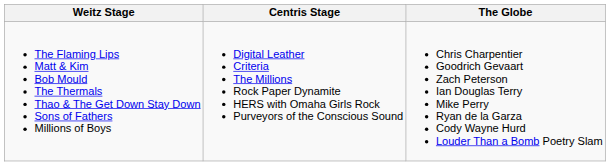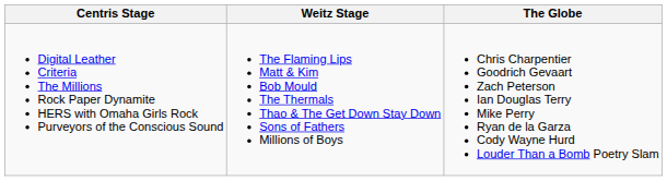 <table class="wikitable">
 <tr>
+<th>Centris Stage</th>
 <th>Weitz Stage</th>
-<th>Centris Stage</th>
 <th>The Globe</th>
 </tr>
 <tr valign="top">
+<td><br><ul><li><a href='#'>Digital Leather</a></li><li><a href='#'>Criteria</a></li><li><a href='#'>The Millions</a></li><li>Rock Paper Dynamite</li><li>HERS with Omaha Girls Rock</li><li>Purveyors of the Conscious Sound</li></ul></td>
 <td><br><ul><li><a href='#'>The Flaming Lips</a></li><li><a href='#'>Matt & Kim</a></li><li><a href='#'>Bob Mould</a></li><li><a href='#'>The Thermals</a></li><li><a href='#'>Thao & The Get Down Stay Down</a></li><li><a href='#'>Sons of Fathers</a></li><li>Millions of Boys</li></ul></td>
-<td><br><ul><li><a href='#'>Digital Leather</a></li><li><a href='#'>Criteria</a></li><li><a href='#'>The Millions</a></li><li>Rock Paper Dynamite</li><li>HERS with Omaha Girls Rock</li><li>Purveyors of the Conscious Sound</li></ul></td>
 <td><br><ul><li>Chris Charpentier</li><li>Goodrich Gevaart</li><li>Zach Peterson</li><li>Ian Douglas Terry</li><li>Mike Perry</li><li>Ryan de la Garza</li><li>Cody Wayne Hurd</li><li><a href='#'>Louder Than a Bomb</a> Poetry Slam</li></ul></td>
 </tr>
 </table>
